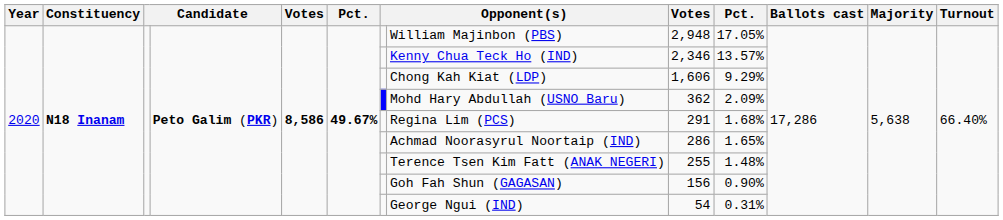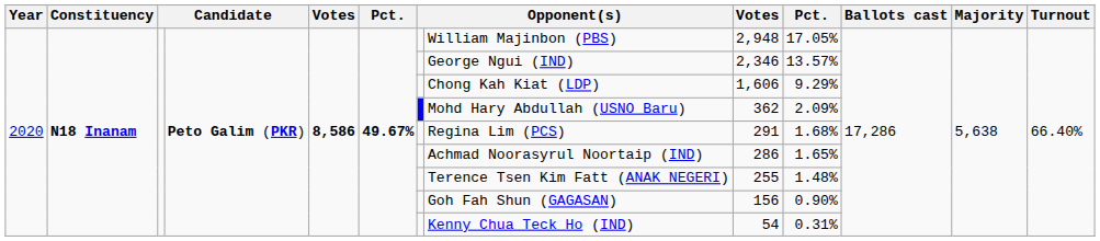 <table class="wikitable" style="margin:0.5em ; font-size:95%">
 <tr>
 <th>Year</th>
 <th>Constituency</th>
 <th colspan="2">Candidate</th>
 <th>Votes</th>
 <th>Pct.</th>
 <th colspan="2">Opponent(s)</th>
 <th>Votes</th>
 <th>Pct.</th>
 <th>Ballots cast</th>
 <th>Majority</th>
 <th>Turnout</th>
 </tr>
 <tr>
 <td rowspan="9"><a href='#'>2020</a></td>
 <td rowspan="9"><strong>N18 <a href='#'>Inanam</a></strong></td>
 <td rowspan="9" ></td>
 <td rowspan="9"><strong>Peto Galim</strong> (<a href='#'><strong>PKR</strong></a>)</td>
 <td rowspan="9" align=right><strong>8,586</strong></td>
 <td rowspan="9"><strong>49.67%</strong></td>
 <td bgcolor= ></td>
 <td>William Majinbon (<a href='#'>PBS</a>)</td>
 <td align=right>2,948</td>
 <td>17.05%</td>
 <td rowspan="9">17,286</td>
 <td rowspan="9">5,638</td>
 <td rowspan="9">66.40%</td>
 </tr>
 <tr>
 <td></td>
-<td><a href='#'>Kenny Chua Teck Ho</a> (<a href='#'>IND</a>)</td>
+<td>George Ngui (<a href='#'>IND</a>)</td>
 <td align=right>2,346</td>
 <td>13.57%</td>
 </tr>
 <tr>
 <td></td>
 <td>Chong Kah Kiat (<a href='#'>LDP</a>)</td>
 <td align=right>1,606</td>
 <td align=right>9.29%</td>
 </tr>
 <tr>
 <td bgcolor= blue></td>
 <td>Mohd Hary Abdullah (<a href='#'>USNO Baru</a>)</td>
 <td align=right>362</td>
 <td align=right>2.09%</td>
 </tr>
 <tr>
 <td bgcolor= ></td>
 <td>Regina Lim (<a href='#'>PCS</a>)</td>
 <td align=right>291</td>
 <td align=right>1.68%</td>
 </tr>
 <tr>
 <td></td>
 <td>Achmad Noorasyrul Noortaip (<a href='#'>IND</a>)</td>
 <td align=right>286</td>
 <td align=right>1.65%</td>
 </tr>
 <tr>
 <td></td>
 <td>Terence Tsen Kim Fatt (<a href='#'>ANAK NEGERI</a>)</td>
 <td align=right>255</td>
 <td align=right>1.48%</td>
 </tr>
 <tr>
 <td bgcolor = ></td>
 <td>Goh Fah Shun (<a href='#'>GAGASAN</a>)</td>
 <td align=right>156</td>
 <td align=right>0.90%</td>
 </tr>
 <tr>
 <td></td>
-<td>George Ngui (<a href='#'>IND</a>)</td>
+<td><a href='#'>Kenny Chua Teck Ho</a> (<a href='#'>IND</a>)</td>
 <td align=right>54</td>
 <td align=right>0.31%</td>
 </tr>
 </table>
